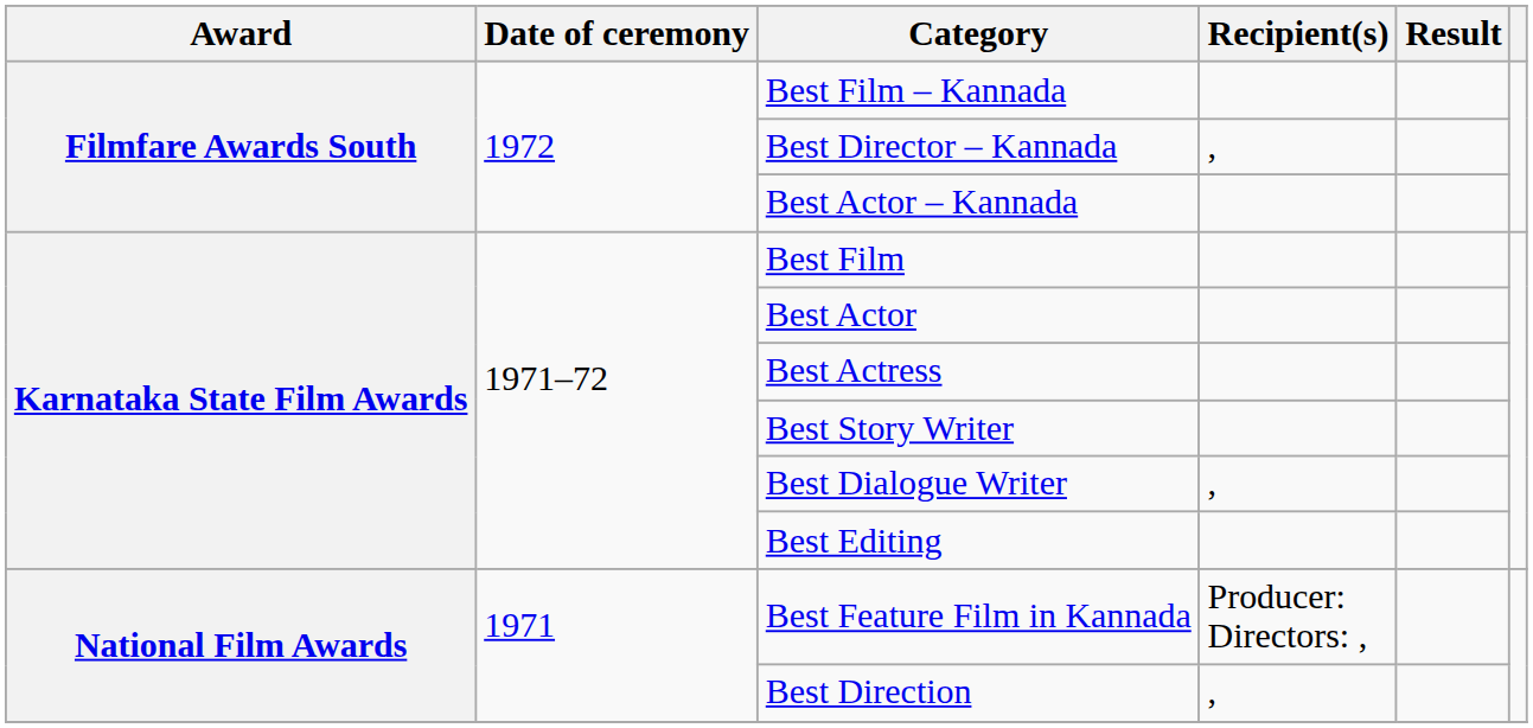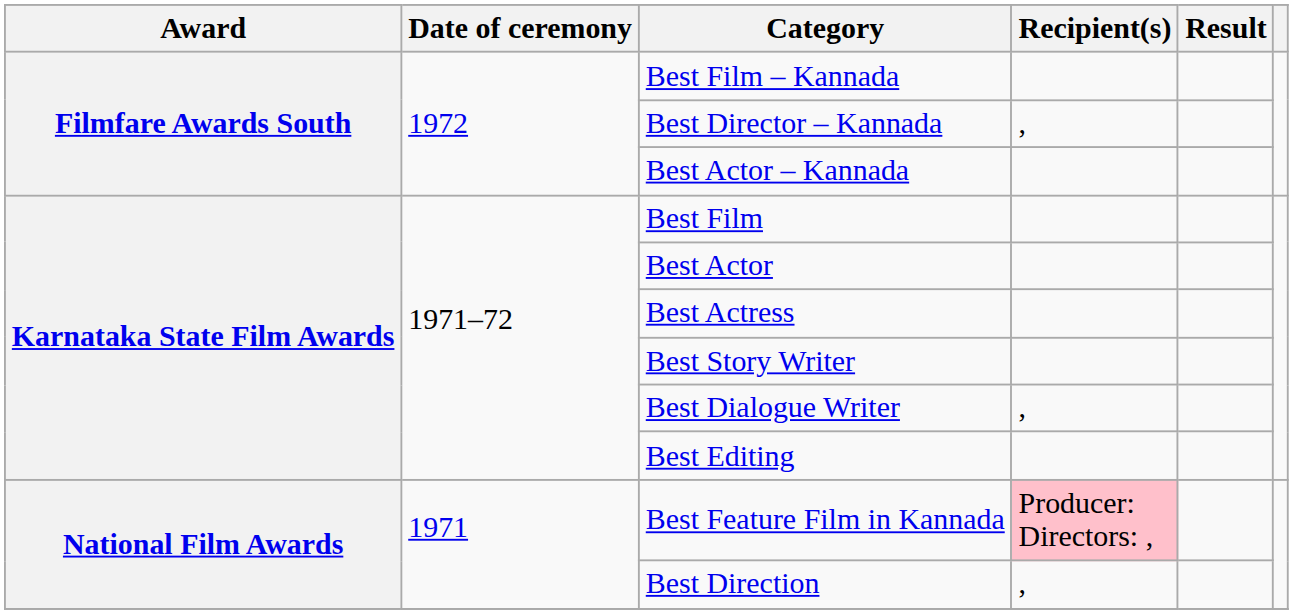 <table class="wikitable plainrowheaders sortable">
 <tr>
 <th scope="col">Award</th>
 <th scope="col">Date of ceremony</th>
 <th scope="col">Category</th>
 <th scope="col">Recipient(s)</th>
 <th scope="col">Result</th>
 <th scope="col" class="unsortable"></th>
 </tr>
 <tr>
 <th scope="row" rowspan="3"><a href='#'>Filmfare Awards South</a></th>
 <td rowspan="3"><a href='#'>1972</a></td>
 <td><a href='#'>Best Film – Kannada</a></td>
 <td></td>
 <td></td>
 <td style="text-align:center;" rowspan="3"></td>
 </tr>
 <tr>
 <td><a href='#'>Best Director – Kannada</a></td>
 <td>, </td>
 <td></td>
 </tr>
 <tr>
 <td><a href='#'>Best Actor – Kannada</a></td>
 <td></td>
 <td></td>
 </tr>
 <tr>
 <th scope="row" rowspan="6"><a href='#'>Karnataka State Film Awards</a></th>
 <td rowspan="6">1971–72<br><br></td>
 <td><a href='#'>Best Film</a></td>
 <td></td>
 <td></td>
 <td style="text-align:center;" rowspan="6"></td>
 </tr>
 <tr>
 <td><a href='#'>Best Actor</a></td>
 <td></td>
 <td></td>
 </tr>
 <tr>
 <td><a href='#'>Best Actress</a></td>
 <td></td>
 <td></td>
 </tr>
 <tr>
 <td><a href='#'>Best Story Writer</a></td>
 <td></td>
 <td></td>
 </tr>
 <tr>
 <td><a href='#'>Best Dialogue Writer</a></td>
 <td>, </td>
 <td></td>
 </tr>
 <tr>
 <td><a href='#'>Best Editing</a></td>
 <td></td>
 <td></td>
 </tr>
 <tr>
 <th scope="row" rowspan="2"><a href='#'>National Film Awards</a></th>
 <td rowspan="2"><a href='#'>1971</a><br><br></td>
 <td><a href='#'>Best Feature Film in Kannada</a></td>
-<td>Producer: <br>Directors: , </td>
+<td style="background: pink;">Producer: <br>Directors: , </td>
 <td></td>
 <td style="text-align:center;" rowspan="2"></td>
 </tr>
 <tr>
 <td><a href='#'>Best Direction</a></td>
 <td>, </td>
 <td></td>
 </tr>
 <tr>
 </tr>
 </table>
